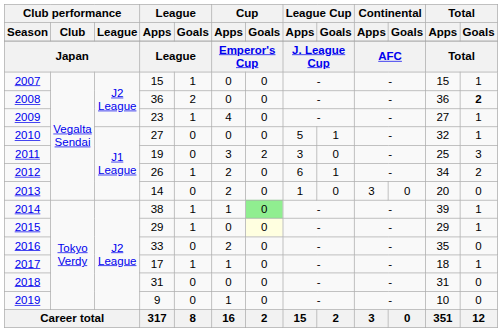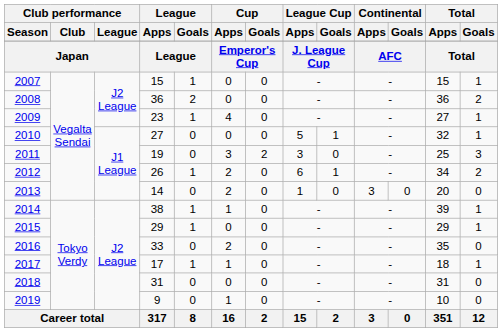 <table class="wikitable" style="text-align:center">
 <tr>
 <th colspan=3>Club performance</th>
 <th colspan=2>League</th>
 <th colspan=2>Cup</th>
 <th colspan=2>League Cup</th>
 <th colspan=2>Continental</th>
 <th colspan=2>Total</th>
 </tr>
 <tr>
 <th>Season</th>
 <th>Club</th>
 <th>League</th>
 <th>Apps</th>
 <th>Goals</th>
 <th>Apps</th>
 <th>Goals</th>
 <th>Apps</th>
 <th>Goals</th>
 <th>Apps</th>
 <th>Goals</th>
 <th>Apps</th>
 <th>Goals</th>
 </tr>
 <tr>
 </tr>
 <tr>
 <th colspan=3>Japan</th>
 <th colspan=2>League</th>
 <th colspan=2><a href='#'>Emperor's Cup</a></th>
 <th colspan=2><a href='#'>J. League Cup</a></th>
 <th colspan=2><a href='#'>AFC</a></th>
 <th colspan=2>Total</th>
 </tr>
 <tr>
 <td><a href='#'>2007</a></td>
 <td rowspan="7"><a href='#'>Vegalta Sendai</a></td>
 <td rowspan="3"><a href='#'>J2 League</a></td>
 <td>15</td>
 <td>1</td>
 <td>0</td>
 <td>0</td>
 <td colspan="2">-</td>
 <td colspan="2">-</td>
 <td>15</td>
 <td>1</td>
 </tr>
 <tr>
 <td><a href='#'>2008</a></td>
 <td>36</td>
 <td>2</td>
 <td>0</td>
 <td>0</td>
 <td colspan="2">-</td>
 <td colspan="2">-</td>
 <td>36</td>
-<td><strong>2</strong></td>
+<td>2</td>
 </tr>
 <tr>
 <td><a href='#'>2009</a></td>
 <td>23</td>
 <td>1</td>
 <td>4</td>
 <td>0</td>
 <td colspan="2">-</td>
 <td colspan="2">-</td>
 <td>27</td>
 <td>1</td>
 </tr>
 <tr>
 <td><a href='#'>2010</a></td>
 <td rowspan="4"><a href='#'>J1 League</a></td>
 <td>27</td>
 <td>0</td>
 <td>0</td>
 <td>0</td>
 <td>5</td>
 <td>1</td>
 <td colspan="2">-</td>
 <td>32</td>
 <td>1</td>
 </tr>
 <tr>
 <td><a href='#'>2011</a></td>
 <td>19</td>
 <td>0</td>
 <td>3</td>
 <td>2</td>
 <td>3</td>
 <td>0</td>
 <td colspan="2">-</td>
 <td>25</td>
 <td>3</td>
 </tr>
 <tr>
 <td><a href='#'>2012</a></td>
 <td>26</td>
 <td>1</td>
 <td>2</td>
 <td>0</td>
 <td>6</td>
 <td>1</td>
 <td colspan="2">-</td>
 <td>34</td>
 <td>2</td>
 </tr>
 <tr>
 <td><a href='#'>2013</a></td>
 <td>14</td>
 <td>0</td>
 <td>2</td>
 <td>0</td>
 <td>1</td>
 <td>0</td>
 <td>3</td>
 <td>0</td>
 <td>20</td>
 <td>0</td>
 </tr>
 <tr>
 <td><a href='#'>2014</a></td>
 <td rowspan="6"><a href='#'>Tokyo Verdy</a></td>
 <td rowspan="6"><a href='#'>J2 League</a></td>
 <td>38</td>
 <td>1</td>
 <td>1</td>
-<td style="background: lightgreen;">0</td>
+<td>0</td>
 <td colspan="2">-</td>
 <td colspan="2">-</td>
 <td>39</td>
 <td>1</td>
 </tr>
 <tr>
 <td><a href='#'>2015</a></td>
 <td>29</td>
 <td>1</td>
 <td>0</td>
-<td style="background: lightyellow;">0</td>
+<td>0</td>
 <td colspan="2">-</td>
 <td colspan="2">-</td>
 <td>29</td>
 <td>1</td>
 </tr>
 <tr>
 <td><a href='#'>2016</a></td>
 <td>33</td>
 <td>0</td>
 <td>2</td>
 <td>0</td>
 <td colspan="2">-</td>
 <td colspan="2">-</td>
 <td>35</td>
 <td>0</td>
 </tr>
 <tr>
 <td><a href='#'>2017</a></td>
 <td>17</td>
 <td>1</td>
 <td>1</td>
 <td>0</td>
 <td colspan="2">-</td>
 <td colspan="2">-</td>
 <td>18</td>
 <td>1</td>
 </tr>
 <tr>
 <td><a href='#'>2018</a></td>
 <td>31</td>
 <td>0</td>
 <td>0</td>
 <td>0</td>
 <td colspan="2">-</td>
 <td colspan="2">-</td>
 <td>31</td>
 <td>0</td>
 </tr>
 <tr>
 <td><a href='#'>2019</a></td>
 <td>9</td>
 <td>0</td>
 <td>1</td>
 <td>0</td>
 <td colspan="2">-</td>
 <td colspan="2">-</td>
 <td>10</td>
 <td>0</td>
 </tr>
 <tr>
 <th colspan=3>Career total</th>
 <th>317</th>
 <th>8</th>
 <th>16</th>
 <th>2</th>
 <th>15</th>
 <th>2</th>
 <th>3</th>
 <th>0</th>
 <th>351</th>
 <th>12</th>
 </tr>
 </table>
